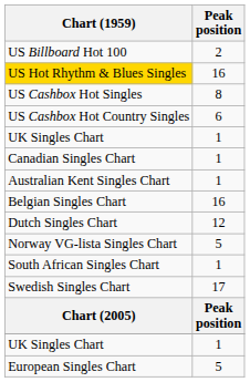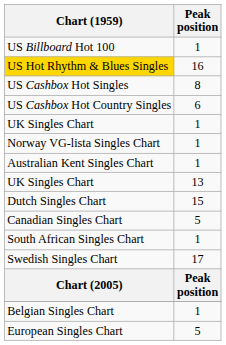 <table class="wikitable sortable">
 <tr>
 <th align="left">Chart (1959)</th>
 <th align="center">Peak<br>position</th>
 </tr>
 <tr>
 <td align="left">US <em>Billboard</em> Hot 100</td>
-<td align="center">2</td>
+<td align="center">1</td>
 </tr>
 <tr>
 <td align="left" style="background: gold;">US Hot Rhythm & Blues Singles</td>
 <td align="center">16</td>
 </tr>
 <tr>
 <td align="left">US <em>Cashbox</em> Hot Singles</td>
 <td align="center">8</td>
 </tr>
 <tr>
 <td align="left">US <em>Cashbox</em> Hot Country Singles</td>
 <td align="center">6</td>
 </tr>
 <tr>
 <td align="left">UK Singles Chart</td>
 <td align="center">1</td>
 </tr>
 <tr>
-<td align="left">Canadian Singles Chart</td>
+<td align="left">Norway VG-lista Singles Chart</td>
 <td align="center">1</td>
 </tr>
 <tr>
 <td align="left">Australian Kent Singles Chart</td>
 <td align="center">1</td>
 </tr>
 <tr>
-<td align="left">Belgian Singles Chart</td>
-<td align="center">16</td>
+<td align="left">UK Singles Chart</td>
+<td align="center">13</td>
 </tr>
 <tr>
 <td align="left">Dutch Singles Chart</td>
-<td align="center">12</td>
+<td align="center">15</td>
 </tr>
 <tr>
-<td align="left">Norway VG-lista Singles Chart</td>
+<td align="left">Canadian Singles Chart</td>
 <td align="center">5</td>
 </tr>
 <tr>
 <td align="left">South African Singles Chart</td>
 <td align="center">1</td>
 </tr>
 <tr>
 <td align="left">Swedish Singles Chart</td>
 <td align="center">17</td>
 </tr>
 <tr>
 <th align="left">Chart (2005)</th>
 <th align="center">Peak<br>position</th>
 </tr>
 <tr>
 </tr>
 <tr>
-<td align="left">UK Singles Chart</td>
+<td align="left">Belgian Singles Chart</td>
 <td align="center">1</td>
 </tr>
 <tr>
 <td align="left">European Singles Chart</td>
 <td align="center">5</td>
 </tr>
 </table>
